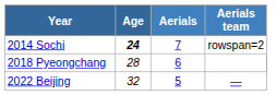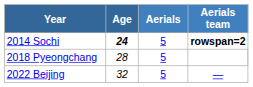 <table class="wikitable" style="font-size:95%; text-align:center; border:grey solid 1px; border-collapse:collapse; background:#ffffff;">
 <tr>
 <th style="background-color:#369; color:white;    width:140px;">Year</th>
 <th style="background-color:#369; color:white;    width:40px;">Age</th>
 <th style="background-color:#4180be; color:white; width:65px;">Aerials</th>
 <th style="background-color:#4180be; color:white; width:65px;">Aerials team</th>
 </tr>
 <tr>
 <td align=left> <a href='#'>2014 Sochi</a></td>
 <td><strong><em>24</em></strong></td>
-<td><a href='#'>7</a></td>
-<td>rowspan=2 </td>
+<td><a href='#'>5</a></td>
+<td><strong>rowspan=2 </strong></td>
 </tr>
 <tr>
 <td align=left> <a href='#'>2018 Pyeongchang</a></td>
 <td><em>28</em></td>
-<td><a href='#'>6</a></td>
+<td><a href='#'>5</a></td>
 </tr>
 <tr>
 <td align=left> <a href='#'>2022 Beijing</a></td>
 <td><em>32</em></td>
 <td><a href='#'>5</a></td>
 <td><a href='#'>—</a></td>
 </tr>
 </table>
